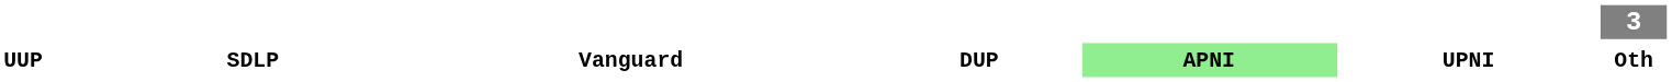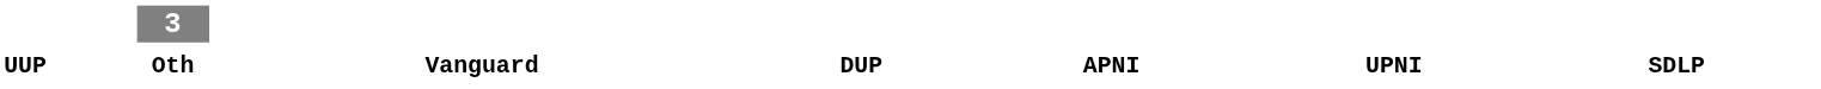 <table style="width:55%; text-align:center;">
 <tr style="color:white;">
 <td style="background:"><strong>19</strong></td>
-<td style="background:"><strong>17</strong></td>
+<td style="background:grey; width:3.9%;"><strong>3</strong></td>
 <td style="background:"><strong>14</strong></td>
 <td style="background:"><strong>12</strong></td>
 <td style="background:"><strong>8</strong></td>
 <td style="background:"><strong>5</strong></td>
-<td style="background:grey; width:3.9%;"><strong>3</strong></td>
+<td style="background:"><strong>17</strong></td>
 </tr>
 <tr>
 <td><span><strong><small>UUP</small></strong></span></td>
-<td><span><strong><small>SDLP</small></strong></span></td>
+<td><span><strong><small>Oth</small></strong></span></td>
 <td><span><strong><small>Vanguard</small></strong></span></td>
 <td><span><strong><small>DUP</small></strong></span></td>
-<td style="background: lightgreen;"><span><strong><small>APNI</small></strong></span></td>
+<td><span><strong><small>APNI</small></strong></span></td>
 <td><span><strong><small>UPNI</small></strong></span></td>
-<td><span><strong><small>Oth</small></strong></span></td>
+<td><span><strong><small>SDLP</small></strong></span></td>
 </tr>
 </table>
